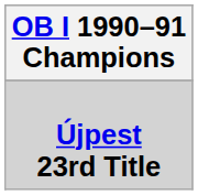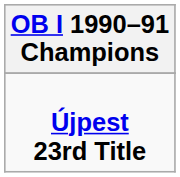 <table class="wikitable" style="text-align: center; margin: 0 auto;">
 <tr>
 <th><a href='#'>OB I</a> 1990–91<br>Champions</th>
 </tr>
 <tr>
 </tr>
 <tr>
-<td style="background: lightgrey;"> <br><strong><a href='#'>Újpest</a></strong><br><strong>23rd Title</strong></td>
+<td> <br><strong><a href='#'>Újpest</a></strong><br><strong>23rd Title</strong></td>
 </tr>
 </table>
